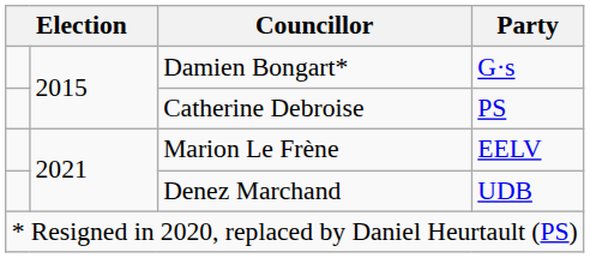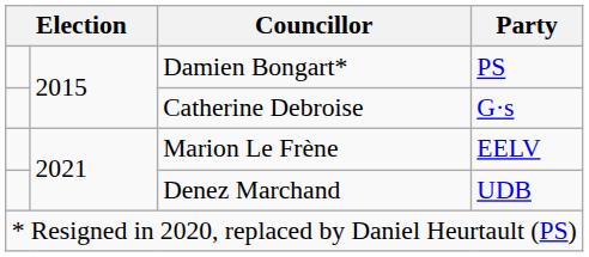 <table class="wikitable">
 <tr>
 <th colspan="2">Election</th>
 <th>Councillor</th>
 <th>Party</th>
 </tr>
 <tr>
 <td style="background-color: "></td>
 <td rowspan="2">2015</td>
 <td>Damien Bongart*</td>
-<td><a href='#'>G·s</a></td>
+<td><a href='#'>PS</a></td>
 </tr>
 <tr>
 <td style="background-color: "></td>
 <td>Catherine Debroise</td>
-<td><a href='#'>PS</a></td>
+<td><a href='#'>G·s</a></td>
 </tr>
 <tr>
 <td style="background-color: "></td>
 <td rowspan="2">2021</td>
 <td>Marion Le Frène</td>
 <td><a href='#'>EELV</a></td>
 </tr>
 <tr>
 <td style="background-color: "></td>
 <td>Denez Marchand</td>
 <td><a href='#'>UDB</a></td>
 </tr>
 <tr>
 <td colspan="4">* Resigned in 2020, replaced by Daniel Heurtault (<a href='#'>PS</a>)</td>
 </tr>
 </table>
